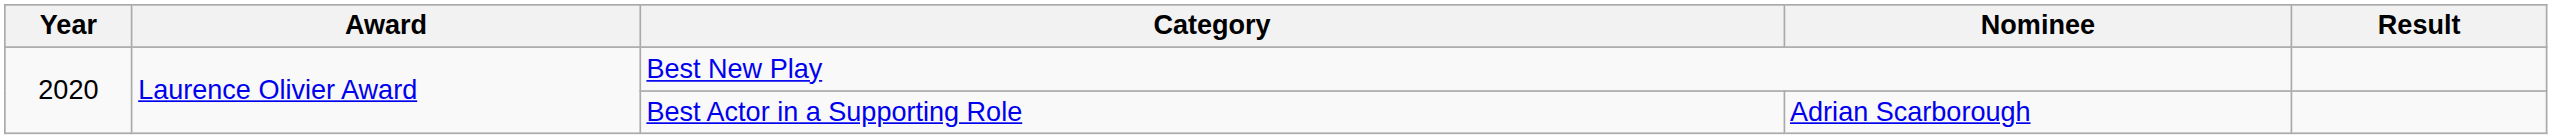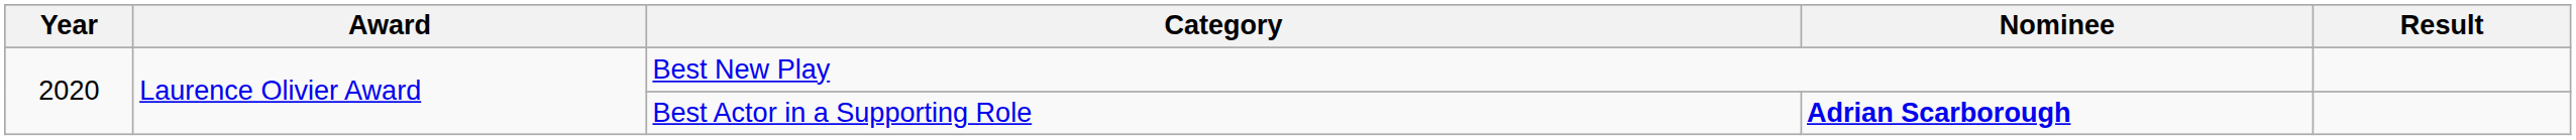 <table class="wikitable" width="95%">
 <tr>
 <th width="5%">Year</th>
 <th width="20%">Award</th>
 <th width="45%">Category</th>
 <th width="20%">Nominee</th>
 <th width="10%">Result</th>
 </tr>
 <tr>
 <td rowspan="2" style="text-align: center;">2020</td>
 <td rowspan="2"><a href='#'>Laurence Olivier Award</a></td>
 <td colspan="2"><a href='#'>Best New Play</a></td>
 <td></td>
 </tr>
 <tr>
 <td><a href='#'>Best Actor in a Supporting Role</a></td>
-<td><a href='#'>Adrian Scarborough</a></td>
+<td><strong><a href='#'>Adrian Scarborough</a></strong></td>
 <td></td>
 </tr>
 </table>
